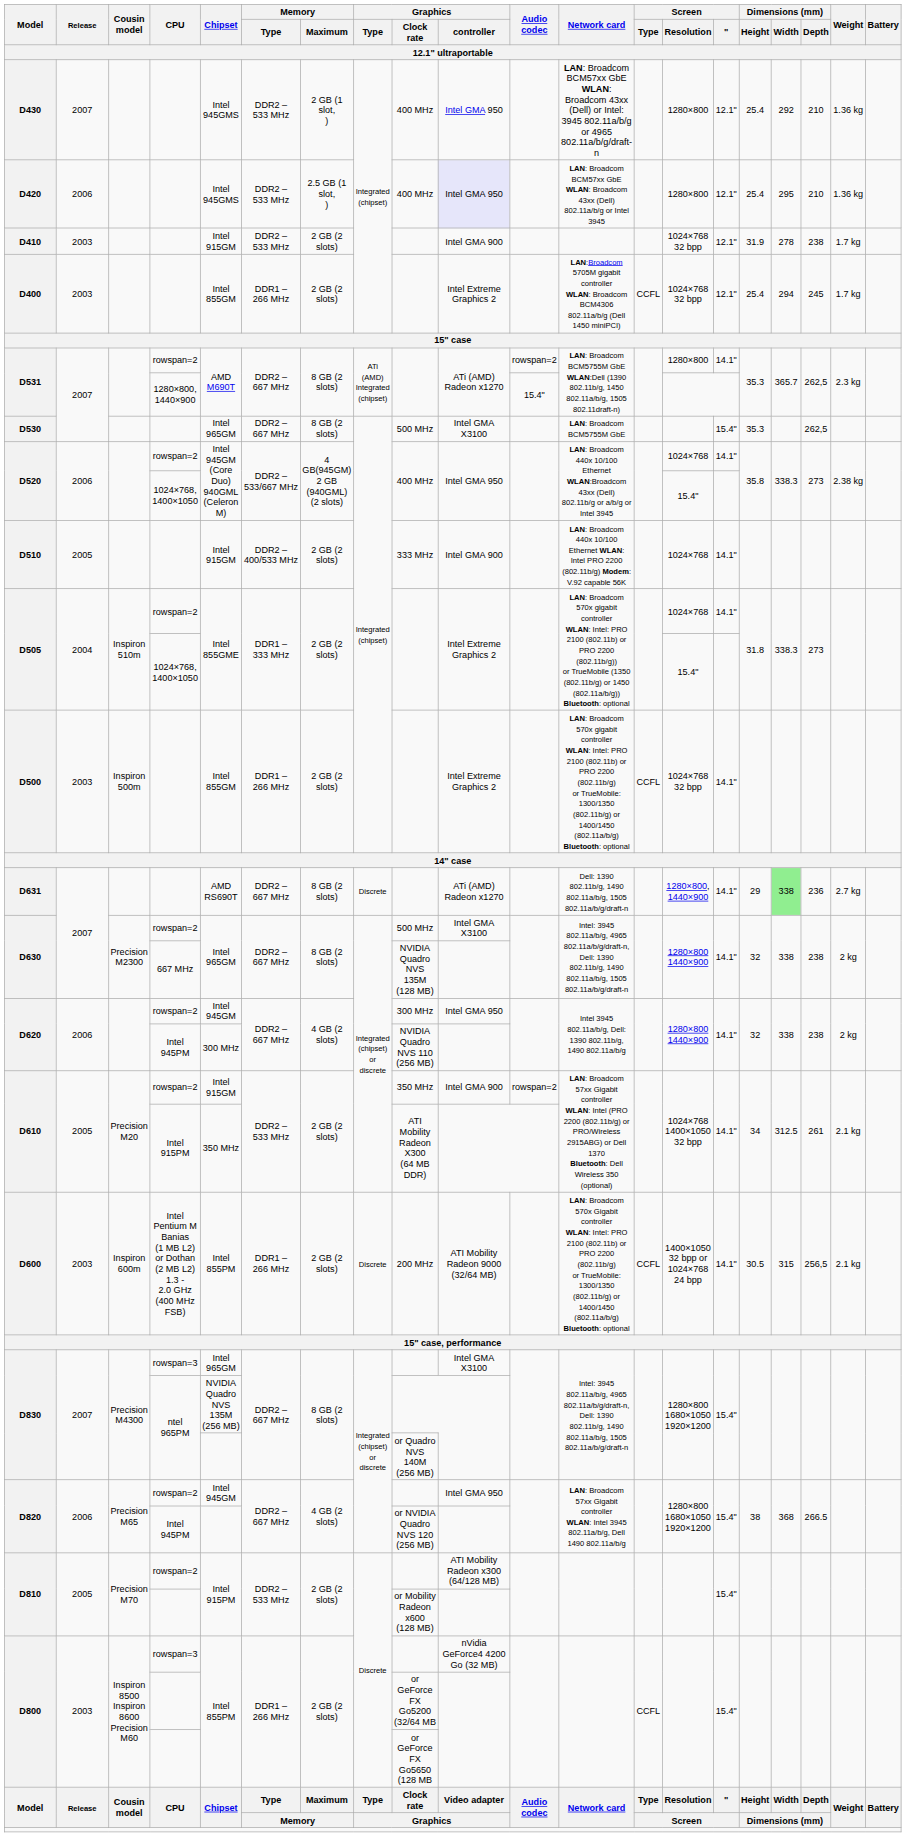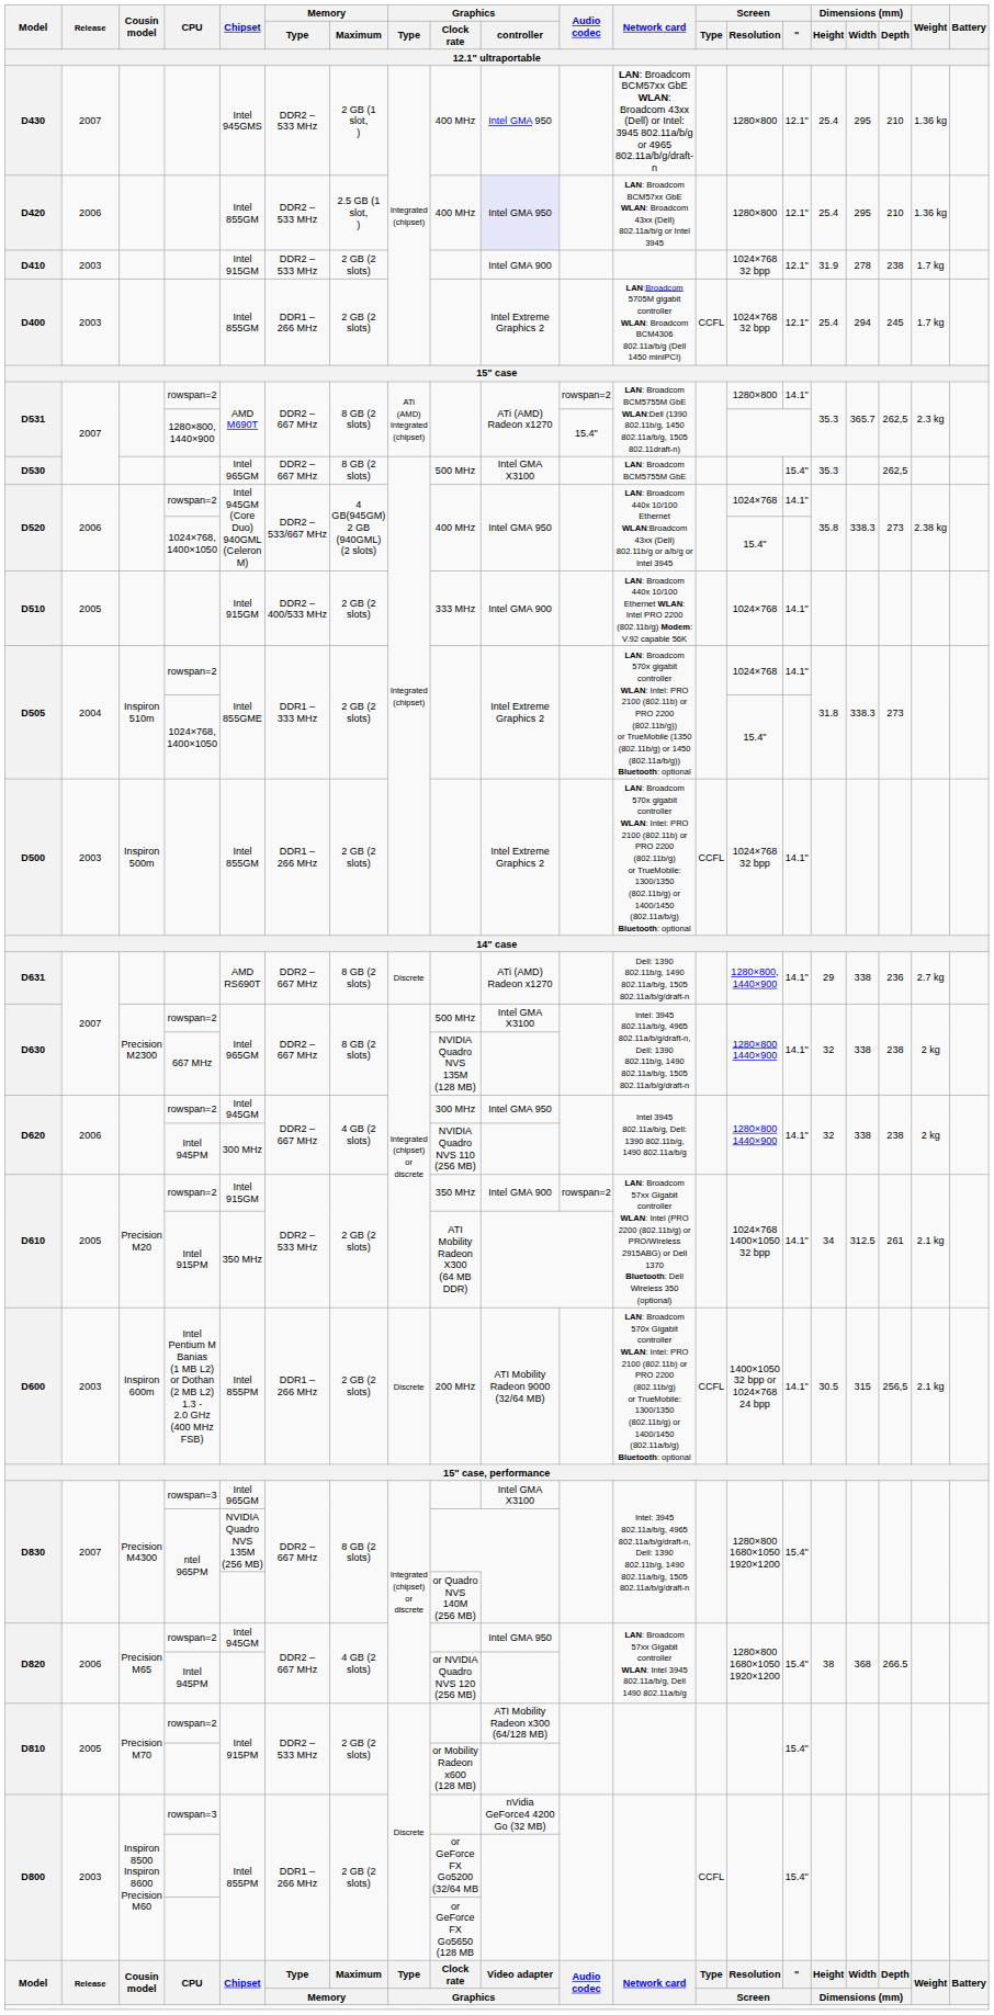 <table class="wikitable" style="font-size: 80%; text-align: center; width: 100%;">
 <tr>
 <th rowspan=2 style="width:6em">Model</th>
 <th rowspan=2 style="width:6em"><small>Release</small></th>
 <th rowspan=2>Cousin model</th>
 <th rowspan=2>CPU</th>
 <th rowspan=2><a href='#'>Chipset</a></th>
 <th colspan=2>Memory</th>
 <th colspan="3">Graphics</th>
 <th rowspan=2><a href='#'>Audio codec</a></th>
 <th rowspan=2><a href='#'>Network card</a></th>
 <th colspan=3>Screen</th>
 <th colspan="3">Dimensions (mm)</th>
 <th rowspan="2">Weight</th>
 <th rowspan="2">Battery</th>
 </tr>
 <tr>
 <th>Type</th>
 <th>Maximum</th>
 <th>Type</th>
 <th>Clock rate</th>
 <th style="width:8%">controller</th>
 <th>Type</th>
 <th>Resolution</th>
 <th>"</th>
 <th>Height</th>
 <th>Width</th>
 <th>Depth</th>
 </tr>
 <tr>
 <th colspan="20">12.1" ultraportable</th>
 </tr>
 <tr>
 <th>D430</th>
 <td>2007</td>
 <td></td>
 <td></td>
 <td>Intel 945GMS</td>
 <td>DDR2 – 533 MHz</td>
 <td>2 GB (1 slot, <br>)</td>
 <td rowspan=4><small>Integrated (chipset)</small></td>
 <td>400 MHz</td>
 <td><a href='#'>Intel GMA</a> 950</td>
 <td></td>
 <td><strong>LAN</strong>: Broadcom BCM57xx GbE<br><strong>WLAN</strong>: Broadcom 43xx (Dell) or Intel: 3945 802.11a/b/g or 4965 802.11a/b/g/draft-n</td>
 <td></td>
 <td>1280×800</td>
 <td>12.1"</td>
 <td>25.4</td>
-<td>292</td>
+<td>295</td>
 <td>210</td>
 <td>1.36 kg</td>
 <td></td>
 </tr>
 <tr>
 <th>D420</th>
 <td>2006</td>
 <td></td>
 <td></td>
-<td>Intel 945GMS</td>
+<td>Intel 855GM</td>
 <td>DDR2 – 533 MHz</td>
 <td>2.5 GB (1 slot, <br>)</td>
 <td>400 MHz</td>
 <td style="background: lavender;">Intel GMA 950</td>
 <td></td>
 <td><small><strong>LAN</strong>: Broadcom BCM57xx GbE<br><strong>WLAN</strong>: Broadcom 43xx (Dell) 802.11a/b/g or Intel 3945</small></td>
 <td></td>
 <td>1280×800</td>
 <td>12.1"</td>
 <td>25.4</td>
 <td>295</td>
 <td>210</td>
 <td>1.36 kg</td>
 <td></td>
 </tr>
 <tr>
 <th>D410</th>
 <td>2003</td>
 <td></td>
 <td></td>
 <td>Intel 915GM</td>
 <td>DDR2 – 533 MHz</td>
 <td>2 GB (2 slots)</td>
 <td></td>
 <td>Intel GMA 900</td>
 <td></td>
 <td></td>
 <td></td>
 <td>1024×768<br>32 bpp</td>
 <td>12.1"</td>
 <td>31.9</td>
 <td>278</td>
 <td>238</td>
 <td>1.7 kg</td>
 <td><br></td>
 </tr>
 <tr>
 <th>D400</th>
 <td>2003</td>
 <td></td>
 <td></td>
 <td>Intel 855GM</td>
 <td>DDR1 – 266 MHz</td>
 <td>2 GB (2 slots)</td>
 <td></td>
 <td>Intel Extreme Graphics 2</td>
 <td></td>
 <td><small><strong>LAN</strong>:<a href='#'>Broadcom</a> 5705M gigabit controller <br><strong>WLAN</strong>: Broadcom BCM4306 802.11a/b/g (Dell 1450 miniPCI)</small></td>
 <td>CCFL</td>
 <td>1024×768<br>32 bpp</td>
 <td>12.1"</td>
 <td>25.4</td>
 <td>294</td>
 <td>245</td>
 <td>1.7 kg</td>
 <td></td>
 </tr>
 <tr>
 <th colspan="20">15" case</th>
 </tr>
 <tr>
 <th rowspan=2>D531</th>
 <td rowspan=3>2007</td>
 <td rowspan=2></td>
 <td>rowspan=2 </td>
 <td rowspan=2>AMD <a href='#'>M690T</a></td>
 <td rowspan=2>DDR2 – 667 MHz</td>
 <td rowspan=2>8 GB (2 slots)</td>
 <td rowspan=2><small>ATi (AMD) <br>Integrated (chipset)</small></td>
 <td rowspan=2></td>
 <td rowspan=2>ATi (AMD) Radeon x1270</td>
 <td>rowspan=2 </td>
 <td rowspan=2><small><strong>LAN</strong>: Broadcom BCM5755M GbE<br><strong>WLAN</strong>:Dell (1390 802.11b/g, 1450 802.11a/b/g, 1505 802.11draft-n)</small></td>
 <td rowspan=2></td>
 <td>1280×800</td>
 <td>14.1"</td>
 <td rowspan=2>35.3</td>
 <td rowspan=2>365.7</td>
 <td rowspan=2>262,5</td>
 <td rowspan=2>2.3 kg</td>
 <td rowspan=2></td>
 </tr>
 <tr>
 <td>1280×800,<br>1440×900</td>
 <td>15.4"</td>
 </tr>
 <tr>
 <th>D530</th>
 <td></td>
 <td></td>
 <td>Intel 965GM</td>
 <td>DDR2 – 667 MHz</td>
 <td>8 GB (2 slots)</td>
 <td rowspan=7><small>Integrated (chipset)</small></td>
 <td>500 MHz</td>
 <td>Intel GMA X3100</td>
 <td></td>
 <td><small><strong>LAN</strong>: Broadcom BCM5755M GbE</small></td>
 <td></td>
 <td></td>
 <td>15.4"</td>
 <td>35.3</td>
 <td></td>
 <td>262,5</td>
 <td></td>
 <td></td>
 </tr>
 <tr>
 <th rowspan=2>D520</th>
 <td rowspan=2>2006</td>
 <td rowspan=2></td>
 <td>rowspan=2 </td>
 <td rowspan=2>Intel 945GM (Core Duo)<br>940GML (Celeron M)</td>
 <td rowspan=2>DDR2 – 533/667 MHz</td>
 <td rowspan=2>4 GB(945GM)<br>2 GB (940GML) (2 slots)</td>
 <td rowspan=2>400 MHz</td>
 <td rowspan=2>Intel GMA 950</td>
 <td rowspan=2></td>
 <td rowspan=2><small><strong>LAN</strong>: Broadcom 440x 10/100 Ethernet<br><strong>WLAN</strong>:Broadcom 43xx (Dell) 802.11b/g or a/b/g or Intel 3945</small></td>
 <td rowspan=2></td>
 <td>1024×768</td>
 <td>14.1"</td>
 <td rowspan=2>35.8</td>
 <td rowspan=2>338.3</td>
 <td rowspan=2>273</td>
 <td rowspan=2>2.38 kg</td>
 <td rowspan=2><br></td>
 </tr>
 <tr>
 <td>1024×768,<br>1400×1050</td>
 <td>15.4"</td>
 </tr>
 <tr>
 <th>D510</th>
 <td>2005</td>
 <td></td>
 <td></td>
 <td>Intel 915GM</td>
 <td>DDR2 – 400/533 MHz</td>
 <td>2 GB (2 slots)</td>
 <td>333 MHz</td>
 <td>Intel GMA 900</td>
 <td></td>
 <td><small><strong>LAN</strong>: Broadcom 440x 10/100 Ethernet <strong>WLAN</strong>: Intel PRO 2200 (802.11b/g) <strong>Modem</strong>: V.92 capable 56K</small></td>
 <td></td>
 <td>1024×768</td>
 <td>14.1"</td>
 <td></td>
 <td></td>
 <td></td>
 <td></td>
 <td><br></td>
 </tr>
 <tr>
 <th rowspan=2>D505</th>
 <td rowspan=2>2004</td>
 <td rowspan=2>Inspiron 510m</td>
 <td>rowspan=2 </td>
 <td rowspan=2>Intel 855GME</td>
 <td rowspan=2>DDR1 – 333 MHz</td>
 <td rowspan=2>2 GB (2 slots)</td>
 <td rowspan=2></td>
 <td rowspan=2>Intel Extreme Graphics 2</td>
 <td rowspan=2></td>
 <td rowspan=2><small><strong>LAN</strong>: Broadcom 570x gigabit controller<br><strong>WLAN</strong>: Intel: PRO 2100 (802.11b) or PRO 2200 (802.11b/g)) <br>or TrueMobile (1350 (802.11b/g) or 1450 (802.11a/b/g))<br><strong>Bluetooth</strong>: optional</small></td>
 <td rowspan=2></td>
 <td>1024×768</td>
 <td>14.1"</td>
 <td rowspan=2>31.8</td>
 <td rowspan=2>338.3</td>
 <td rowspan=2>273</td>
 <td rowspan=2></td>
 <td rowspan=2><br></td>
 </tr>
 <tr>
 <td>1024×768,<br>1400×1050</td>
 <td>15.4"</td>
 </tr>
 <tr>
 <th>D500</th>
 <td>2003</td>
 <td>Inspiron 500m</td>
 <td></td>
 <td>Intel 855GM</td>
 <td>DDR1 – 266 MHz</td>
 <td>2 GB (2 slots)</td>
 <td></td>
 <td>Intel Extreme Graphics 2</td>
 <td></td>
 <td><small><strong>LAN</strong>: Broadcom 570x gigabit controller<br><strong>WLAN</strong>: Intel: PRO 2100 (802.11b) or PRO 2200 (802.11b/g) <br>or TrueMobile: 1300/1350 (802.11b/g) or 1400/1450 (802.11a/b/g)<br><strong>Bluetooth</strong>: optional</small></td>
 <td>CCFL</td>
 <td>1024×768 <br>32 bpp</td>
 <td>14.1"</td>
 <td></td>
 <td></td>
 <td></td>
 <td></td>
 <td><br></td>
 </tr>
 <tr>
 <th colspan="20">14" case</th>
 </tr>
 <tr>
 <th>D631</th>
 <td rowspan=3>2007</td>
 <td></td>
 <td></td>
 <td>AMD RS690T</td>
 <td>DDR2 – 667 MHz</td>
 <td>8 GB (2 slots)</td>
 <td><small>Discrete</small></td>
 <td></td>
 <td>ATi (AMD) Radeon x1270</td>
 <td></td>
 <td><small>Dell: 1390 802.11b/g, 1490 802.11a/b/g, 1505 802.11a/b/g/draft-n</small></td>
 <td></td>
 <td><a href='#'>1280×800</a>, <a href='#'>1440×900</a></td>
 <td>14.1"</td>
 <td>29</td>
-<td style="background: lightgreen;">338</td>
+<td>338</td>
 <td>236</td>
 <td>2.7 kg</td>
 <td></td>
 </tr>
 <tr>
 <th rowspan=2>D630</th>
 <td rowspan=2>Precision M2300</td>
 <td>rowspan=2 </td>
 <td rowspan=2>Intel 965GM</td>
 <td rowspan=2>DDR2 – 667 MHz</td>
 <td rowspan=2>8 GB (2 slots)</td>
 <td rowspan=6><small>Integrated (chipset)<br>or discrete</small></td>
 <td>500 MHz</td>
 <td>Intel GMA X3100</td>
 <td rowspan=2></td>
 <td rowspan=2><small>Intel: 3945 802.11a/b/g, 4965 802.11a/b/g/draft-n, <br>Dell: 1390 802.11b/g, 1490 802.11a/b/g, 1505 802.11a/b/g/draft-n</small></td>
 <td rowspan=2></td>
 <td rowspan=2><a href='#'>1280×800</a> <a href='#'>1440×900</a></td>
 <td rowspan=2>14.1"</td>
 <td rowspan=2>32</td>
 <td rowspan=2>338</td>
 <td rowspan=2>238</td>
 <td rowspan=2>2 kg</td>
 <td rowspan=2></td>
 </tr>
 <tr>
 <td>667 MHz</td>
 <td>NVIDIA Quadro NVS 135M (128 MB)</td>
 </tr>
 <tr>
 <th rowspan=2>D620</th>
 <td rowspan=2>2006</td>
 <td rowspan=2></td>
 <td>rowspan=2 </td>
 <td>Intel 945GM</td>
 <td rowspan=2>DDR2 – 667 MHz</td>
 <td rowspan=2>4 GB (2 slots)</td>
 <td>300 MHz</td>
 <td>Intel GMA 950</td>
 <td rowspan=2></td>
 <td rowspan=2><small>Intel 3945 802.11a/b/g, Dell: 1390 802.11b/g, 1490 802.11a/b/g</small></td>
 <td rowspan=2></td>
 <td rowspan=2><a href='#'>1280×800</a> <a href='#'>1440×900</a></td>
 <td rowspan=2>14.1"</td>
 <td rowspan=2>32</td>
 <td rowspan=2>338</td>
 <td rowspan=2>238</td>
 <td rowspan=2>2 kg</td>
 <td rowspan=2><br></td>
 </tr>
 <tr>
 <td>Intel 945PM</td>
 <td>300 MHz</td>
 <td>NVIDIA Quadro NVS 110 (256 MB)</td>
 </tr>
 <tr>
 <th rowspan=2>D610</th>
 <td rowspan=2>2005</td>
 <td rowspan=2>Precision M20</td>
 <td>rowspan=2 </td>
 <td>Intel 915GM</td>
 <td rowspan=2>DDR2 – 533 MHz</td>
 <td rowspan=2>2 GB (2 slots)</td>
 <td>350 MHz</td>
 <td>Intel GMA 900</td>
 <td>rowspan=2 </td>
 <td rowspan=2><small><strong>LAN</strong>: Broadcom 57xx Gigabit controller<br><strong>WLAN</strong>: Intel (PRO 2200 (802.11b/g) or PRO/Wireless 2915ABG) or Dell 1370<br><strong>Bluetooth</strong>: Dell Wireless 350 (optional)</small></td>
 <td rowspan=2></td>
 <td rowspan=2>1024×768 1400×1050<br>32 bpp</td>
 <td rowspan=2>14.1"</td>
 <td rowspan=2>34</td>
 <td rowspan=2>312.5</td>
 <td rowspan=2>261</td>
 <td rowspan=2>2.1 kg</td>
 <td rowspan=2><br></td>
 </tr>
 <tr>
 <td>Intel 915PM</td>
 <td>350 MHz</td>
 <td>ATI Mobility Radeon X300 (64 MB DDR)</td>
 </tr>
 <tr>
 <th>D600<br></th>
 <td>2003</td>
 <td>Inspiron 600m</td>
 <td>Intel Pentium M Banias (1 MB L2)<br>or Dothan (2 MB L2) 1.3 - 2.0 GHz (400 MHz FSB)</td>
 <td>Intel 855PM</td>
 <td>DDR1 – 266 MHz</td>
 <td>2 GB (2 slots)</td>
 <td><small>Discrete</small></td>
 <td>200 MHz</td>
 <td>ATI Mobility Radeon 9000 (32/64 MB)</td>
 <td></td>
 <td><small><strong>LAN</strong>: Broadcom 570x Gigabit controller<br><strong>WLAN</strong>: Intel: PRO 2100 (802.11b) or PRO 2200 (802.11b/g) <br>or TrueMobile: 1300/1350 (802.11b/g) or 1400/1450 (802.11a/b/g)<br><strong>Bluetooth</strong>: optional</small></td>
 <td>CCFL</td>
 <td>1400×1050 <br>32 bpp or<br>1024×768 <br>24 bpp</td>
 <td>14.1"</td>
 <td>30.5</td>
 <td>315</td>
 <td>256,5</td>
 <td>2.1 kg</td>
 <td><br></td>
 </tr>
 <tr>
 <th colspan="20">15" case, performance</th>
 </tr>
 <tr>
 <th rowspan=3>D830</th>
 <td rowspan=3>2007</td>
 <td rowspan=3>Precision M4300</td>
 <td>rowspan=3 </td>
 <td>Intel 965GM</td>
 <td rowspan=3>DDR2 – 667 MHz</td>
 <td rowspan=3>8 GB (2 slots)</td>
 <td rowspan=5><small>Integrated (chipset)<br>or discrete</small></td>
 <td></td>
 <td>Intel GMA X3100</td>
 <td rowspan=3></td>
 <td rowspan=3><small>Intel: 3945 802.11a/b/g, 4965 802.11a/b/g/draft-n, <br>Dell: 1390 802.11b/g, 1490 802.11a/b/g, 1505 802.11a/b/g/draft-n</small></td>
 <td rowspan=3></td>
 <td rowspan=3>1280×800<br>1680×1050<br>1920×1200</td>
 <td rowspan=3>15.4"</td>
 <td rowspan=3></td>
 <td rowspan=3></td>
 <td rowspan=3></td>
 <td rowspan=3></td>
 <td rowspan=3></td>
 </tr>
 <tr>
 <td rowspan=2>ntel 965PM</td>
 <td>NVIDIA Quadro NVS 135M (256 MB)</td>
 </tr>
 <tr>
 <td></td>
 <td>or Quadro NVS 140M (256 MB)</td>
 </tr>
 <tr>
 <th rowspan=2>D820</th>
 <td rowspan=2>2006</td>
 <td rowspan=2>Precision M65</td>
 <td>rowspan=2 </td>
 <td>Intel 945GM</td>
 <td rowspan=2>DDR2 – 667 MHz</td>
 <td rowspan=2>4 GB (2 slots)</td>
 <td></td>
 <td>Intel GMA 950</td>
 <td rowspan=2></td>
 <td rowspan=2><small><strong>LAN</strong>: Broadcom 57xx Gigabit controller<br><strong>WLAN</strong>: Intel 3945 802.11a/b/g, Dell 1490 802.11a/b/g</small></td>
 <td rowspan=2></td>
 <td rowspan=2>1280×800<br>1680×1050 1920×1200</td>
 <td rowspan=2>15.4"</td>
 <td rowspan=2>38</td>
 <td rowspan=2>368</td>
 <td rowspan=2>266.5</td>
 <td rowspan=2></td>
 <td rowspan=2></td>
 </tr>
 <tr>
 <td>Intel 945PM</td>
 <td></td>
 <td>or NVIDIA Quadro NVS 120 (256 MB)</td>
 </tr>
 <tr>
 <th rowspan=2>D810</th>
 <td rowspan=2>2005</td>
 <td rowspan=2>Precision M70</td>
 <td>rowspan=2 </td>
 <td rowspan=2>Intel 915PM</td>
 <td rowspan=2>DDR2 – 533 MHz</td>
 <td rowspan=2>2 GB (2 slots)</td>
 <td rowspan=5><small>Discrete</small></td>
 <td></td>
 <td>ATI Mobility Radeon x300 (64/128 MB)</td>
 <td rowspan=2></td>
 <td rowspan=2></td>
 <td rowspan=2></td>
 <td rowspan=2></td>
 <td rowspan=2>15.4"</td>
 <td rowspan=2></td>
 <td rowspan=2></td>
 <td rowspan=2></td>
 <td rowspan=2></td>
 <td rowspan=2><br></td>
 </tr>
 <tr>
 <td></td>
 <td>or Mobility Radeon x600 (128 MB)</td>
 </tr>
 <tr>
 <th rowspan=3>D800</th>
 <td rowspan=3>2003</td>
 <td rowspan=3>Inspiron 8500<br>Inspiron 8600 Precision M60</td>
 <td>rowspan=3 </td>
 <td rowspan=3>Intel 855PM</td>
 <td rowspan=3>DDR1 – 266 MHz</td>
 <td rowspan=3>2 GB (2 slots)</td>
 <td></td>
 <td>nVidia GeForce4 4200 Go (32 MB)</td>
 <td rowspan=3></td>
 <td rowspan=3></td>
 <td rowspan=3>CCFL</td>
 <td rowspan=3></td>
 <td rowspan=3>15.4"</td>
 <td rowspan=3></td>
 <td rowspan=3></td>
 <td rowspan=3></td>
 <td rowspan=3></td>
 <td rowspan=3><br></td>
 </tr>
 <tr>
 <td></td>
 <td>or GeForce FX Go5200 (32/64 MB</td>
 </tr>
 <tr>
 <td></td>
 <td>or GeForce FX Go5650 (128 MB</td>
 </tr>
 <tr>
 <th rowspan=2 style="width:6em">Model</th>
 <th rowspan=2 style="width:6em"><small>Release</small></th>
 <th rowspan=2>Cousin model</th>
 <th rowspan=2>CPU</th>
 <th rowspan=2><a href='#'>Chipset</a></th>
 <th>Type</th>
 <th>Maximum</th>
 <th>Type</th>
 <th>Clock rate</th>
 <th>Video adapter</th>
 <th rowspan=2><a href='#'>Audio codec</a></th>
 <th rowspan=2><a href='#'>Network card</a></th>
 <th>Type</th>
 <th>Resolution</th>
 <th>"</th>
 <th>Height</th>
 <th>Width</th>
 <th>Depth</th>
 <th rowspan="2">Weight</th>
 <th rowspan="2">Battery</th>
 </tr>
 <tr>
 <th colspan=2>Memory</th>
 <th colspan="3">Graphics</th>
 <th colspan=3>Screen</th>
 <th colspan="3">Dimensions (mm)</th>
 </tr>
 <tr>
 <td colspan="20"></td>
 </tr>
 </table>
